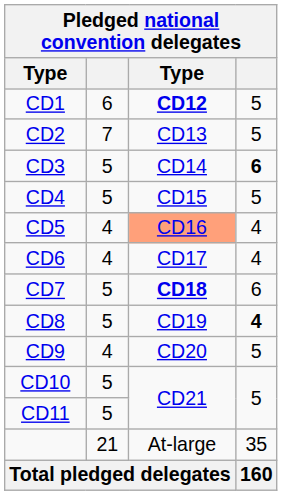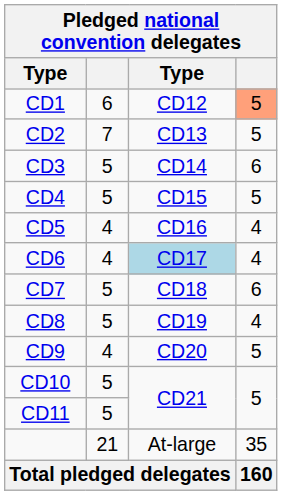 <table class="wikitable sortable" style="font-size:90%;text-align:center;float:none;padding:5px;">
 <tr>
 <th colspan="4">Pledged <a href='#'>national<br>convention</a> delegates</th>
 </tr>
 <tr>
 <th>Type</th>
 <th></th>
 <th>Type</th>
 <th></th>
 </tr>
 <tr>
 <td><a href='#'>CD1</a></td>
 <td>6</td>
-<td><strong><a href='#'>CD12</a></strong></td>
-<td>5</td>
+<td><a href='#'>CD12</a></td>
+<td style="background: lightsalmon;">5</td>
 </tr>
 <tr>
 <td><a href='#'>CD2</a></td>
 <td>7</td>
 <td><a href='#'>CD13</a></td>
 <td>5</td>
 </tr>
 <tr>
 <td><a href='#'>CD3</a></td>
 <td>5</td>
 <td><a href='#'>CD14</a></td>
-<td><strong>6</strong></td>
+<td>6</td>
 </tr>
 <tr>
 <td><a href='#'>CD4</a></td>
 <td>5</td>
 <td><a href='#'>CD15</a></td>
 <td>5</td>
 </tr>
 <tr>
 <td><a href='#'>CD5</a></td>
 <td>4</td>
-<td style="background: lightsalmon;"><a href='#'>CD16</a></td>
+<td><a href='#'>CD16</a></td>
 <td>4</td>
 </tr>
 <tr>
 <td><a href='#'>CD6</a></td>
 <td>4</td>
-<td><a href='#'>CD17</a></td>
+<td style="background: lightblue;"><a href='#'>CD17</a></td>
 <td>4</td>
 </tr>
 <tr>
 <td><a href='#'>CD7</a></td>
 <td>5</td>
-<td><strong><a href='#'>CD18</a></strong></td>
+<td><a href='#'>CD18</a></td>
 <td>6</td>
 </tr>
 <tr>
 <td><a href='#'>CD8</a></td>
 <td>5</td>
 <td><a href='#'>CD19</a></td>
-<td><strong>4</strong></td>
+<td>4</td>
 </tr>
 <tr>
 <td><a href='#'>CD9</a></td>
 <td>4</td>
 <td><a href='#'>CD20</a></td>
 <td>5</td>
 </tr>
 <tr>
 <td><a href='#'>CD10</a></td>
 <td>5</td>
 <td rowspan="2"><a href='#'>CD21</a></td>
 <td rowspan="2">5</td>
 </tr>
 <tr>
 <td><a href='#'>CD11</a></td>
 <td>5</td>
 </tr>
 <tr>
 <td></td>
 <td>21</td>
 <td>At-large</td>
 <td>35</td>
 </tr>
 <tr>
 <th colspan=3>Total pledged delegates</th>
 <th>160</th>
 </tr>
 </table>
